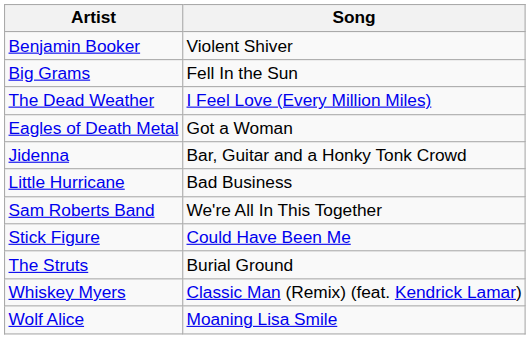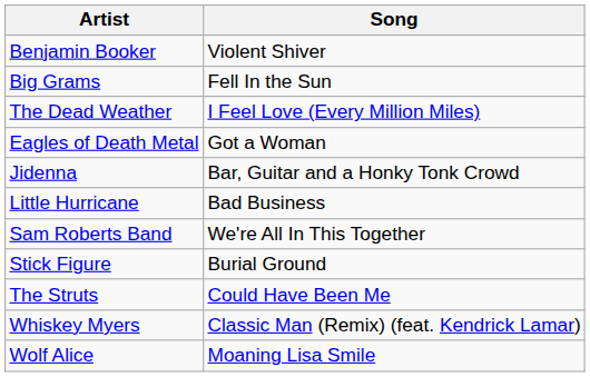 <table class="wikitable">
 <tr>
 <th>Artist</th>
 <th>Song</th>
 </tr>
 <tr>
 <td><a href='#'>Benjamin Booker</a></td>
 <td>Violent Shiver</td>
 </tr>
 <tr>
 <td><a href='#'>Big Grams</a></td>
 <td>Fell In the Sun</td>
 </tr>
 <tr>
 <td><a href='#'>The Dead Weather</a></td>
 <td><a href='#'>I Feel Love (Every Million Miles)</a></td>
 </tr>
 <tr>
 <td><a href='#'>Eagles of Death Metal</a></td>
 <td>Got a Woman</td>
 </tr>
 <tr>
 <td><a href='#'>Jidenna</a></td>
 <td>Bar, Guitar and a Honky Tonk Crowd</td>
 </tr>
 <tr>
 <td><a href='#'>Little Hurricane</a></td>
 <td>Bad Business</td>
 </tr>
 <tr>
 <td><a href='#'>Sam Roberts Band</a></td>
 <td>We're All In This Together</td>
 </tr>
 <tr>
 <td><a href='#'>Stick Figure</a></td>
-<td><a href='#'>Could Have Been Me</a></td>
+<td>Burial Ground</td>
 </tr>
 <tr>
 <td><a href='#'>The Struts</a></td>
-<td>Burial Ground</td>
+<td><a href='#'>Could Have Been Me</a></td>
 </tr>
 <tr>
 <td><a href='#'>Whiskey Myers</a></td>
 <td><a href='#'>Classic Man</a> (Remix) (feat. <a href='#'>Kendrick Lamar</a>)</td>
 </tr>
 <tr>
 <td><a href='#'>Wolf Alice</a></td>
 <td><a href='#'>Moaning Lisa Smile</a></td>
 </tr>
 </table>
